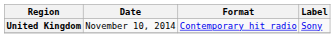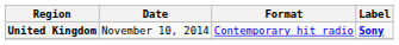 <table class="wikitable plainrowheaders">
 <tr>
 <th>Region</th>
 <th>Date</th>
 <th>Format</th>
 <th>Label</th>
 </tr>
 <tr>
 <th scope="row">United Kingdom</th>
 <td>November 10, 2014</td>
 <td><a href='#'>Contemporary hit radio</a></td>
-<td><a href='#'>Sony</a></td>
+<td><strong><a href='#'>Sony</a></strong></td>
 </tr>
 <tr>
 </tr>
 </table>
